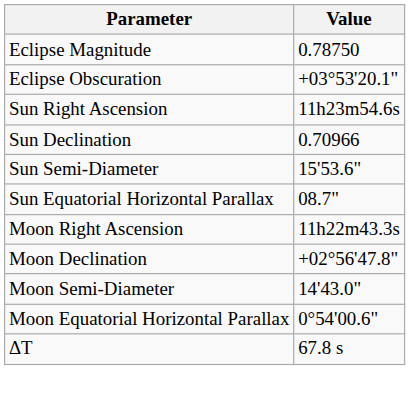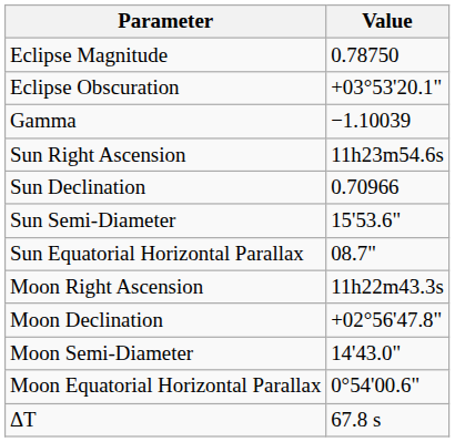 <table class="wikitable">
 <tr>
 <th>Parameter</th>
 <th>Value</th>
 </tr>
 <tr>
 <td>Eclipse Magnitude</td>
 <td>0.78750</td>
 </tr>
 <tr>
 <td>Eclipse Obscuration</td>
 <td>+03°53'20.1"</td>
+</tr>
+<tr>
+<td>Gamma</td>
+<td>−1.10039</td>
 </tr>
 <tr>
 <td>Sun Right Ascension</td>
 <td>11h23m54.6s</td>
 </tr>
 <tr>
 <td>Sun Declination</td>
 <td>0.70966</td>
 </tr>
 <tr>
 <td>Sun Semi-Diameter</td>
 <td>15'53.6"</td>
 </tr>
 <tr>
 <td>Sun Equatorial Horizontal Parallax</td>
 <td>08.7"</td>
 </tr>
 <tr>
 <td>Moon Right Ascension</td>
 <td>11h22m43.3s</td>
 </tr>
 <tr>
 <td>Moon Declination</td>
 <td>+02°56'47.8"</td>
 </tr>
 <tr>
 <td>Moon Semi-Diameter</td>
 <td>14'43.0"</td>
 </tr>
 <tr>
 <td>Moon Equatorial Horizontal Parallax</td>
 <td>0°54'00.6"</td>
 </tr>
 <tr>
 <td>ΔT</td>
 <td>67.8 s</td>
 </tr>
 </table>
